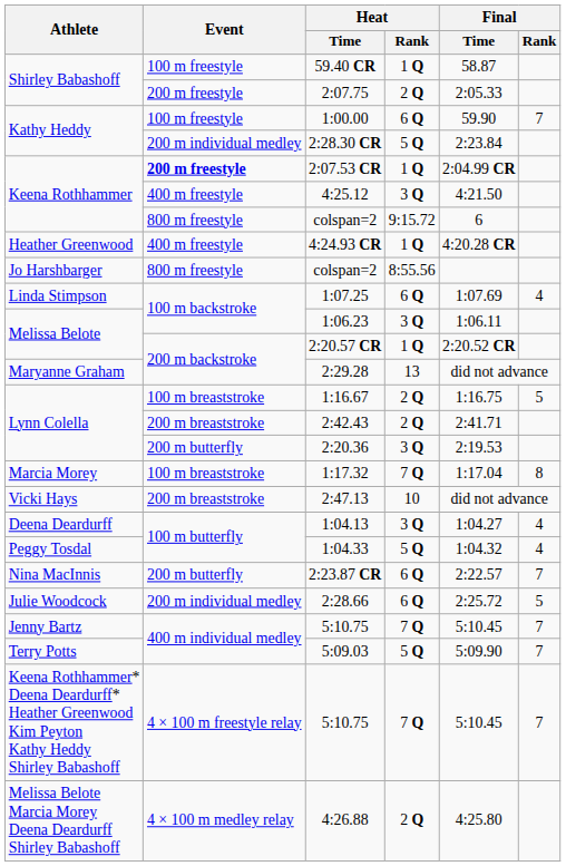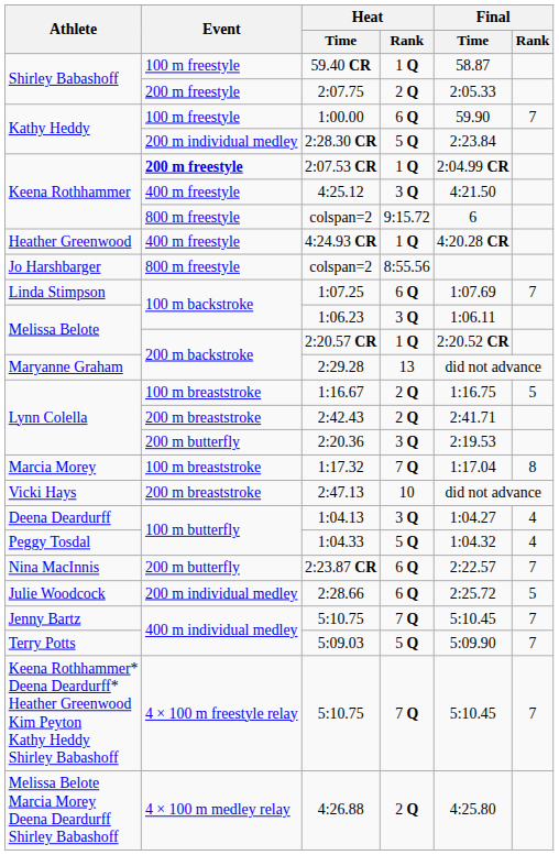 <table class="wikitable" style="text-align:center; font-size:90%">
 <tr>
 <th rowspan="2">Athlete</th>
 <th rowspan="2">Event</th>
 <th colspan="2">Heat</th>
 <th colspan="2">Final</th>
 </tr>
 <tr style="font-size:95%">
 <th>Time</th>
 <th>Rank</th>
 <th>Time</th>
 <th>Rank</th>
 </tr>
 <tr>
 <td align=left rowspan=2><a href='#'>Shirley Babashoff</a></td>
 <td align=left><a href='#'>100 m freestyle</a></td>
 <td>59.40 <strong>CR</strong></td>
 <td>1 <strong>Q</strong></td>
 <td>58.87</td>
 <td></td>
 </tr>
 <tr>
 <td align=left><a href='#'>200 m freestyle</a></td>
 <td>2:07.75</td>
 <td>2 <strong>Q</strong></td>
 <td>2:05.33</td>
 <td></td>
 </tr>
 <tr>
 <td align=left rowspan=2><a href='#'>Kathy Heddy</a></td>
 <td align=left><a href='#'>100 m freestyle</a></td>
 <td>1:00.00</td>
 <td>6 <strong>Q</strong></td>
 <td>59.90</td>
 <td>7</td>
 </tr>
 <tr>
 <td align=left><a href='#'>200 m individual medley</a></td>
 <td>2:28.30 <strong>CR</strong></td>
 <td>5 <strong>Q</strong></td>
 <td>2:23.84</td>
 <td></td>
 </tr>
 <tr>
 <td align=left rowspan=3><a href='#'>Keena Rothhammer</a></td>
 <td align=left><strong><a href='#'>200 m freestyle</a></strong></td>
 <td>2:07.53 <strong>CR</strong></td>
 <td>1 <strong>Q</strong></td>
 <td>2:04.99 <strong>CR</strong></td>
 <td></td>
 </tr>
 <tr>
 <td align=left><a href='#'>400 m freestyle</a></td>
 <td>4:25.12</td>
 <td>3 <strong>Q</strong></td>
 <td>4:21.50</td>
 <td></td>
 </tr>
 <tr>
 <td align=left><a href='#'>800 m freestyle</a></td>
 <td>colspan=2 </td>
 <td>9:15.72</td>
 <td>6</td>
 </tr>
 <tr>
 <td align=left><a href='#'>Heather Greenwood</a></td>
 <td align=left><a href='#'>400 m freestyle</a></td>
 <td>4:24.93 <strong>CR</strong></td>
 <td>1 <strong>Q</strong></td>
 <td>4:20.28 <strong>CR</strong></td>
 <td></td>
 </tr>
 <tr>
 <td align=left><a href='#'>Jo Harshbarger</a></td>
 <td align=left><a href='#'>800 m freestyle</a></td>
 <td>colspan=2 </td>
 <td>8:55.56</td>
 <td></td>
 </tr>
 <tr>
 <td align=left><a href='#'>Linda Stimpson</a></td>
 <td align=left rowspan=2><a href='#'>100 m backstroke</a></td>
 <td>1:07.25</td>
 <td>6 <strong>Q</strong></td>
 <td>1:07.69</td>
-<td>4</td>
+<td>7</td>
 </tr>
 <tr>
 <td align=left rowspan=2><a href='#'>Melissa Belote</a></td>
 <td>1:06.23</td>
 <td>3 <strong>Q</strong></td>
 <td>1:06.11</td>
 <td></td>
 </tr>
 <tr>
 <td align=left rowspan=2><a href='#'>200 m backstroke</a></td>
 <td>2:20.57 <strong>CR</strong></td>
 <td>1 <strong>Q</strong></td>
 <td>2:20.52 <strong>CR</strong></td>
 <td></td>
 </tr>
 <tr>
 <td align=left><a href='#'>Maryanne Graham</a></td>
 <td>2:29.28</td>
 <td>13</td>
 <td colspan=2>did not advance</td>
 </tr>
 <tr>
 <td align=left rowspan=3><a href='#'>Lynn Colella</a></td>
 <td align=left><a href='#'>100 m breaststroke</a></td>
 <td>1:16.67</td>
 <td>2 <strong>Q</strong></td>
 <td>1:16.75</td>
 <td>5</td>
 </tr>
 <tr>
 <td align=left><a href='#'>200 m breaststroke</a></td>
 <td>2:42.43</td>
 <td>2 <strong>Q</strong></td>
 <td>2:41.71</td>
 <td></td>
 </tr>
 <tr>
 <td align=left><a href='#'>200 m butterfly</a></td>
 <td>2:20.36</td>
 <td>3 <strong>Q</strong></td>
 <td>2:19.53</td>
 <td></td>
 </tr>
 <tr>
 <td align=left><a href='#'>Marcia Morey</a></td>
 <td align=left><a href='#'>100 m breaststroke</a></td>
 <td>1:17.32</td>
 <td>7 <strong>Q</strong></td>
 <td>1:17.04</td>
 <td>8</td>
 </tr>
 <tr>
 <td align=left><a href='#'>Vicki Hays</a></td>
 <td align=left><a href='#'>200 m breaststroke</a></td>
 <td>2:47.13</td>
 <td>10</td>
 <td colspan=2>did not advance</td>
 </tr>
 <tr>
 <td align=left><a href='#'>Deena Deardurff</a></td>
 <td align=left rowspan=2><a href='#'>100 m butterfly</a></td>
 <td>1:04.13</td>
 <td>3 <strong>Q</strong></td>
 <td>1:04.27</td>
 <td>4</td>
 </tr>
 <tr>
 <td align=left><a href='#'>Peggy Tosdal</a></td>
 <td>1:04.33</td>
 <td>5 <strong>Q</strong></td>
 <td>1:04.32</td>
 <td>4</td>
 </tr>
 <tr>
 <td align=left><a href='#'>Nina MacInnis</a></td>
 <td align=left><a href='#'>200 m butterfly</a></td>
 <td>2:23.87 <strong>CR</strong></td>
 <td>6 <strong>Q</strong></td>
 <td>2:22.57</td>
 <td>7</td>
 </tr>
 <tr>
 <td align=left><a href='#'>Julie Woodcock</a></td>
 <td align=left><a href='#'>200 m individual medley</a></td>
 <td>2:28.66</td>
 <td>6 <strong>Q</strong></td>
 <td>2:25.72</td>
 <td>5</td>
 </tr>
 <tr>
 <td align=left><a href='#'>Jenny Bartz</a></td>
 <td align=left rowspan=2><a href='#'>400 m individual medley</a></td>
 <td>5:10.75</td>
 <td>7 <strong>Q</strong></td>
 <td>5:10.45</td>
 <td>7</td>
 </tr>
 <tr>
 <td align=left><a href='#'>Terry Potts</a></td>
 <td>5:09.03</td>
 <td>5 <strong>Q</strong></td>
 <td>5:09.90</td>
 <td>7</td>
 </tr>
 <tr>
 <td align=left><a href='#'>Keena Rothhammer</a>*<br><a href='#'>Deena Deardurff</a>*<br><a href='#'>Heather Greenwood</a><br><a href='#'>Kim Peyton</a><br><a href='#'>Kathy Heddy</a><br><a href='#'>Shirley Babashoff</a></td>
 <td align=left><a href='#'>4 × 100 m freestyle relay</a></td>
 <td>5:10.75</td>
 <td>7 <strong>Q</strong></td>
 <td>5:10.45</td>
 <td>7</td>
 </tr>
 <tr>
 <td align=left><a href='#'>Melissa Belote</a><br><a href='#'>Marcia Morey</a><br><a href='#'>Deena Deardurff</a><br><a href='#'>Shirley Babashoff</a></td>
 <td align=left><a href='#'>4 × 100 m medley relay</a></td>
 <td>4:26.88</td>
 <td>2 <strong>Q</strong></td>
 <td>4:25.80</td>
 <td></td>
 </tr>
 </table>
